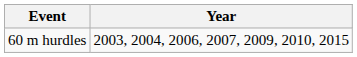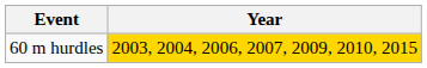 <table class="wikitable">
 <tr>
 <th>Event</th>
 <th>Year</th>
 </tr>
 <tr>
 <td>60 m hurdles</td>
-<td>2003, 2004, 2006, 2007, 2009, 2010, 2015</td>
+<td style="background: gold;">2003, 2004, 2006, 2007, 2009, 2010, 2015</td>
 </tr>
 </table>
